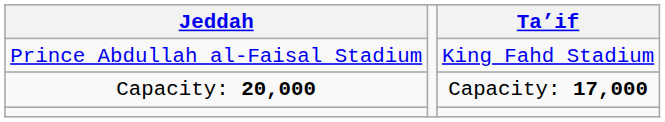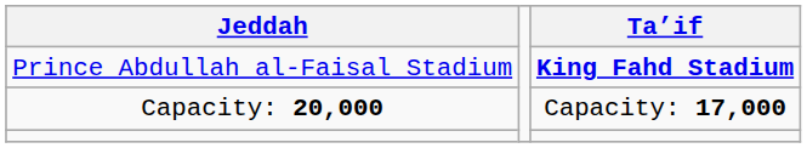 <table class="wikitable" style="text-align:center;margin:1em auto;">
 <tr>
 <th><a href='#'>Jeddah</a></th>
 <td rowspan="4"></td>
 <th><a href='#'>Ta’if</a></th>
 </tr>
 <tr>
 <td><a href='#'>Prince Abdullah al-Faisal Stadium</a></td>
-<td><a href='#'>King Fahd Stadium</a></td>
+<td><strong><a href='#'>King Fahd Stadium</a></strong></td>
 </tr>
 <tr>
 <td>Capacity: <strong>20,000</strong></td>
 <td>Capacity: <strong>17,000</strong></td>
 </tr>
 <tr>
 <td></td>
 <td></td>
 </tr>
 </table>
